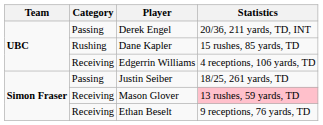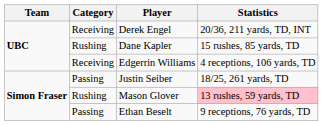 <table class="wikitable" style="float: right;">
 <tr>
 <th>Team</th>
 <th>Category</th>
 <th>Player</th>
 <th>Statistics</th>
 </tr>
 <tr>
 <td rowspan=3><strong>UBC</strong></td>
-<td>Passing</td>
+<td>Receiving</td>
 <td>Derek Engel</td>
 <td>20/36, 211 yards, TD, INT</td>
 </tr>
 <tr>
 <td>Rushing</td>
 <td>Dane Kapler</td>
 <td>15 rushes, 85 yards, TD</td>
 </tr>
 <tr>
 <td>Receiving</td>
 <td>Edgerrin Williams</td>
 <td>4 receptions, 106 yards, TD</td>
 </tr>
 <tr>
 <td rowspan=3><strong>Simon Fraser</strong></td>
 <td>Passing</td>
 <td>Justin Seiber</td>
 <td>18/25, 261 yards, TD</td>
 </tr>
 <tr>
-<td>Receiving</td>
+<td>Rushing</td>
 <td>Mason Glover</td>
 <td style="background: pink;">13 rushes, 59 yards, TD</td>
 </tr>
 <tr>
-<td>Receiving</td>
+<td>Passing</td>
 <td>Ethan Beselt</td>
 <td>9 receptions, 76 yards, TD</td>
 </tr>
 </table>
